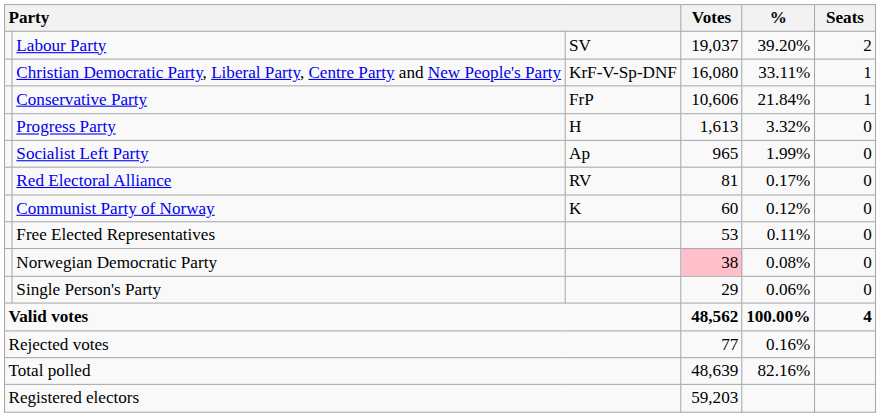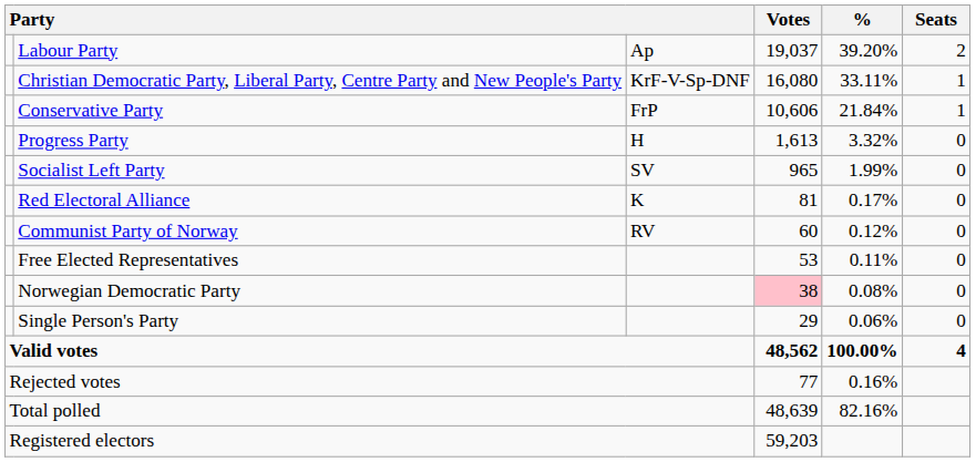 <table class="wikitable" border="1" style="text-align:right;">
 <tr>
 <th style="text-align:left;" colspan=3>Party</th>
 <th align=center width="50">Votes</th>
 <th align=center width="50">%</th>
 <th align=center width="50">Seats</th>
 </tr>
 <tr>
 <td style="color:inherit;background:"></td>
 <td align=left><a href='#'>Labour Party</a></td>
-<td align=left>SV</td>
+<td align=left>Ap</td>
 <td>19,037</td>
 <td>39.20%</td>
 <td>2</td>
 </tr>
 <tr>
 <td></td>
 <td align=left><a href='#'>Christian Democratic Party</a>, <a href='#'>Liberal Party</a>, <a href='#'>Centre Party</a> and <a href='#'>New People's Party</a></td>
 <td align=left>KrF-V-Sp-DNF</td>
 <td>16,080</td>
 <td>33.11%</td>
 <td>1</td>
 </tr>
 <tr>
 <td style="color:inherit;background:"></td>
 <td align=left><a href='#'>Conservative Party</a></td>
 <td align=left>FrP</td>
 <td>10,606</td>
 <td>21.84%</td>
 <td>1</td>
 </tr>
 <tr>
 <td style="color:inherit;background:"></td>
 <td align=left><a href='#'>Progress Party</a></td>
 <td align=left>H</td>
 <td>1,613</td>
 <td>3.32%</td>
 <td>0</td>
 </tr>
 <tr>
 <td style="color:inherit;background:"></td>
 <td align=left><a href='#'>Socialist Left Party</a></td>
-<td align=left>Ap</td>
+<td align=left>SV</td>
 <td>965</td>
 <td>1.99%</td>
 <td>0</td>
 </tr>
 <tr>
 <td style="color:inherit;background:"></td>
 <td align=left><a href='#'>Red Electoral Alliance</a></td>
-<td align=left>RV</td>
+<td align=left>K</td>
 <td>81</td>
 <td>0.17%</td>
 <td>0</td>
 </tr>
 <tr>
 <td style="color:inherit;background:"></td>
 <td align=left><a href='#'>Communist Party of Norway</a></td>
-<td align=left>K</td>
+<td align=left>RV</td>
 <td>60</td>
 <td>0.12%</td>
 <td>0</td>
 </tr>
 <tr>
 <td></td>
 <td align=left>Free Elected Representatives</td>
 <td align=left></td>
 <td>53</td>
 <td>0.11%</td>
 <td>0</td>
 </tr>
 <tr>
 <td></td>
 <td align=left>Norwegian Democratic Party</td>
 <td align=left></td>
 <td style="background: pink;">38</td>
 <td>0.08%</td>
 <td>0</td>
 </tr>
 <tr>
 <td></td>
 <td align=left>Single Person's Party</td>
 <td align=left></td>
 <td>29</td>
 <td>0.06%</td>
 <td>0</td>
 </tr>
 <tr style="font-weight:bold">
 <td align=left colspan=3>Valid votes</td>
 <td>48,562</td>
 <td>100.00%</td>
 <td>4</td>
 </tr>
 <tr>
 <td align=left colspan=3>Rejected votes</td>
 <td>77</td>
 <td>0.16%</td>
 <td></td>
 </tr>
 <tr>
 <td align=left colspan=3>Total polled</td>
 <td>48,639</td>
 <td>82.16%</td>
 <td></td>
 </tr>
 <tr>
 <td align=left colspan=3>Registered electors</td>
 <td>59,203</td>
 <td></td>
 <td></td>
 </tr>
 </table>
